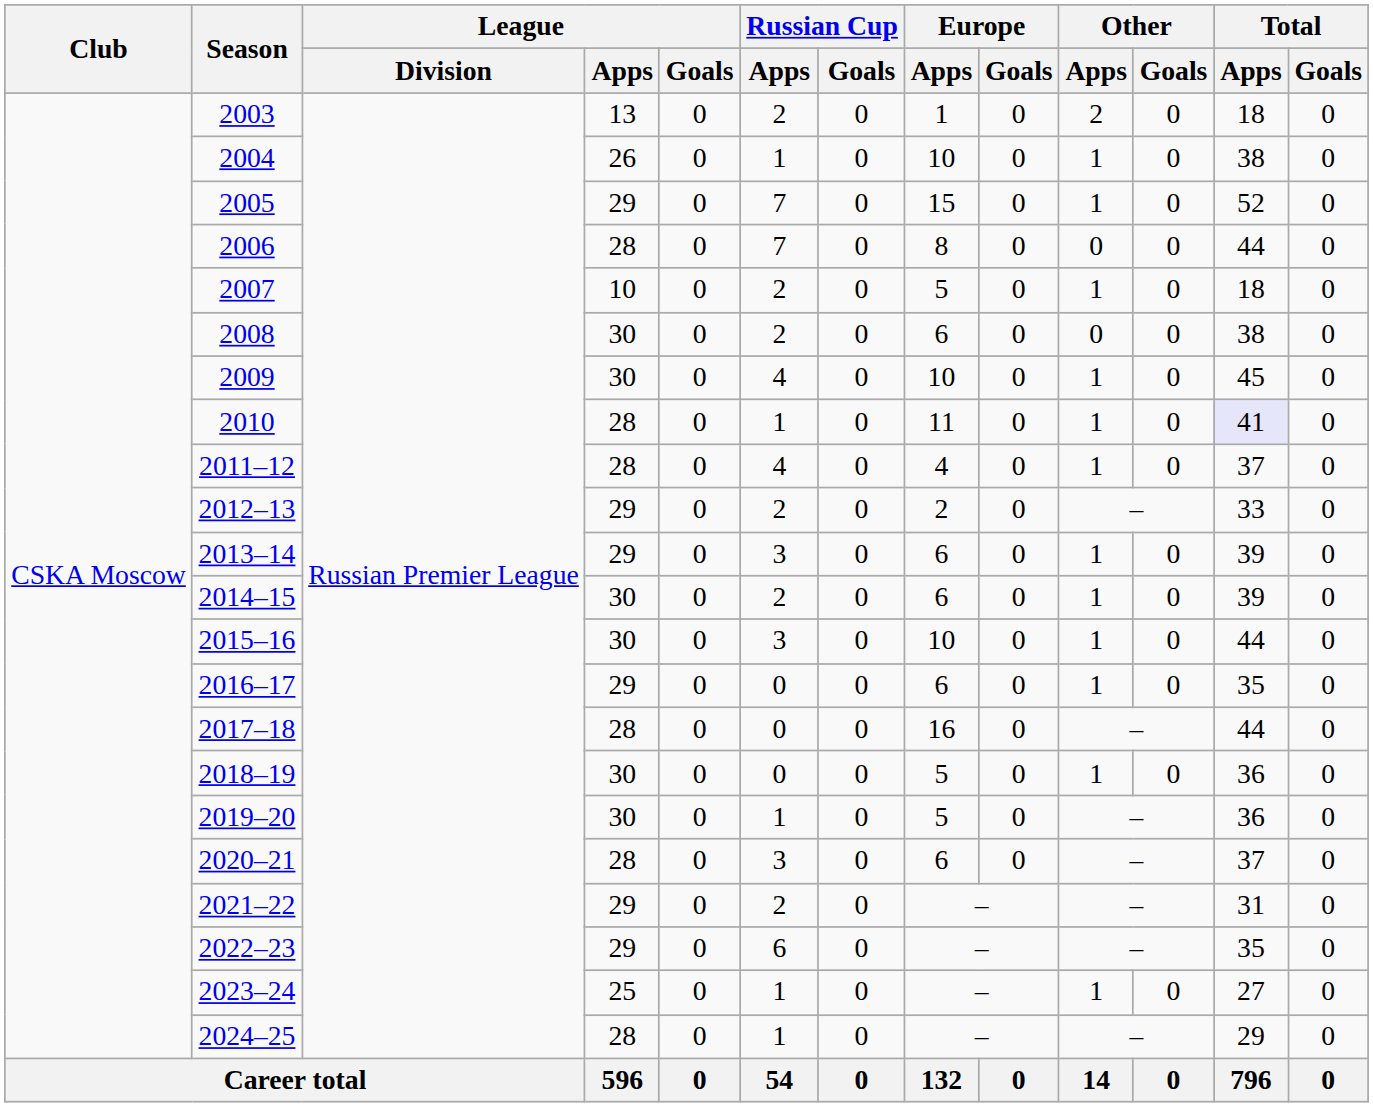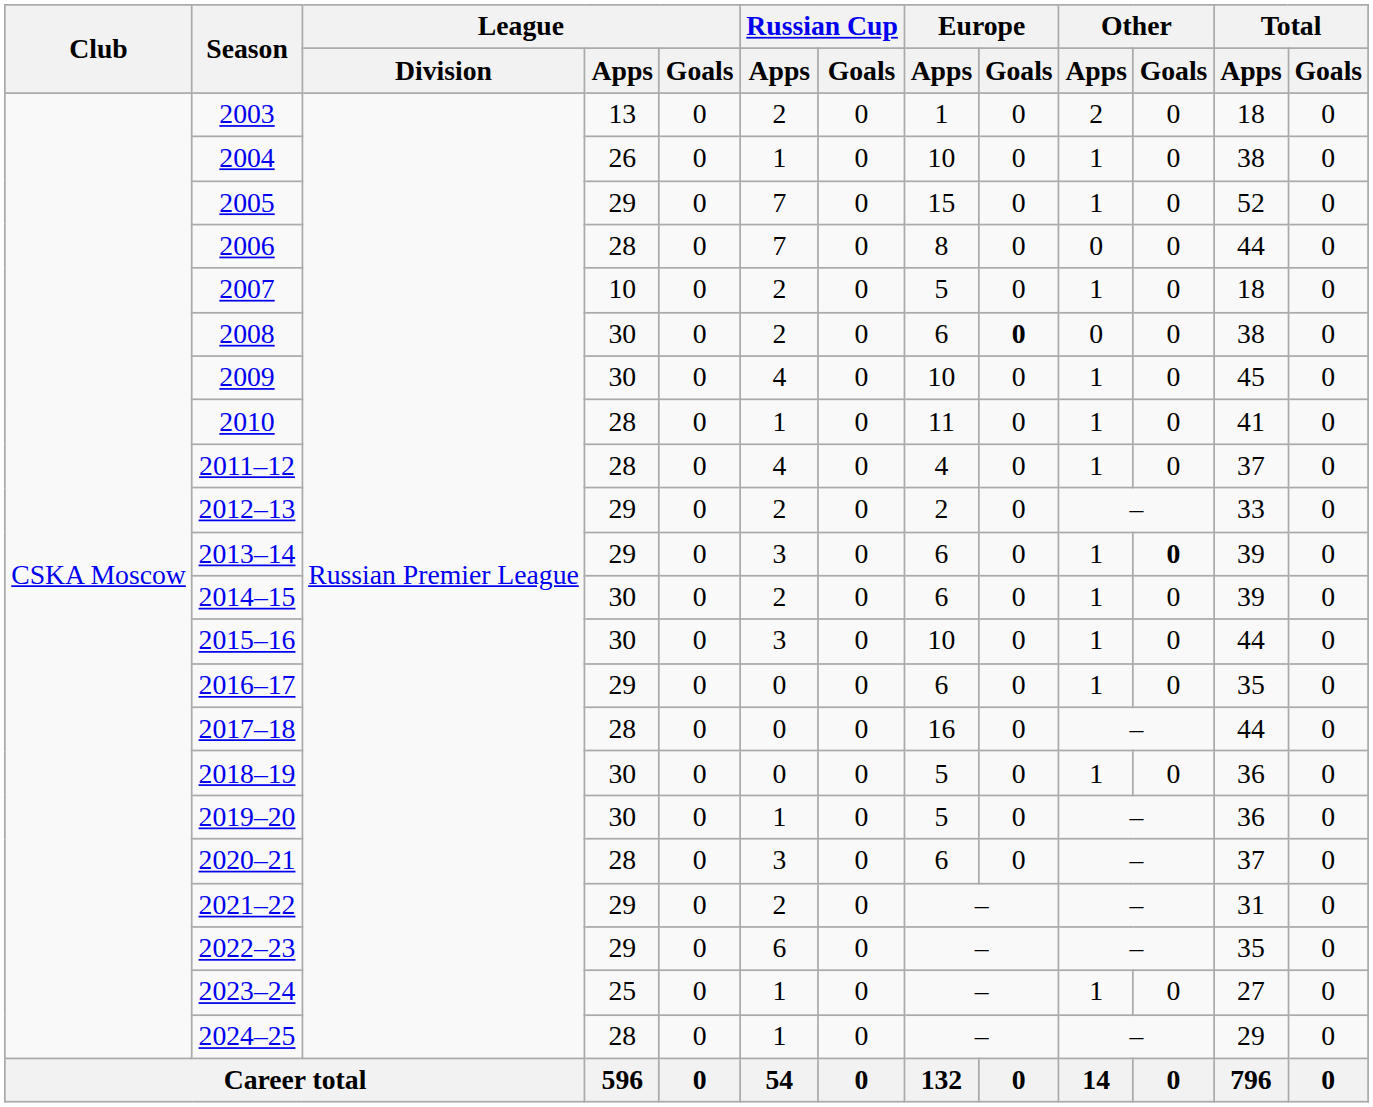 <table class="wikitable" style="text-align: center;">
 <tr>
 <th rowspan="2">Club</th>
 <th rowspan="2">Season</th>
 <th colspan="3">League</th>
 <th colspan="2"><a href='#'>Russian Cup</a></th>
 <th colspan="2">Europe</th>
 <th colspan="2">Other</th>
 <th colspan="2">Total</th>
 </tr>
 <tr>
 <th>Division</th>
 <th>Apps</th>
 <th>Goals</th>
 <th>Apps</th>
 <th>Goals</th>
 <th>Apps</th>
 <th>Goals</th>
 <th>Apps</th>
 <th>Goals</th>
 <th>Apps</th>
 <th>Goals</th>
 </tr>
 <tr>
 <td rowspan="22" valign="centre"><a href='#'>CSKA Moscow</a></td>
 <td><a href='#'>2003</a></td>
 <td rowspan="22" valign="centre"><a href='#'>Russian Premier League</a></td>
 <td>13</td>
 <td>0</td>
 <td>2</td>
 <td>0</td>
 <td>1</td>
 <td>0</td>
 <td>2</td>
 <td>0</td>
 <td>18</td>
 <td>0</td>
 </tr>
 <tr>
 <td><a href='#'>2004</a></td>
 <td>26</td>
 <td>0</td>
 <td>1</td>
 <td>0</td>
 <td>10</td>
 <td>0</td>
 <td>1</td>
 <td>0</td>
 <td>38</td>
 <td>0</td>
 </tr>
 <tr>
 <td><a href='#'>2005</a></td>
 <td>29</td>
 <td>0</td>
 <td>7</td>
 <td>0</td>
 <td>15</td>
 <td>0</td>
 <td>1</td>
 <td>0</td>
 <td>52</td>
 <td>0</td>
 </tr>
 <tr>
 <td><a href='#'>2006</a></td>
 <td>28</td>
 <td>0</td>
 <td>7</td>
 <td>0</td>
 <td>8</td>
 <td>0</td>
 <td>0</td>
 <td>0</td>
 <td>44</td>
 <td>0</td>
 </tr>
 <tr>
 <td><a href='#'>2007</a></td>
 <td>10</td>
 <td>0</td>
 <td>2</td>
 <td>0</td>
 <td>5</td>
 <td>0</td>
 <td>1</td>
 <td>0</td>
 <td>18</td>
 <td>0</td>
 </tr>
 <tr>
 <td><a href='#'>2008</a></td>
 <td>30</td>
 <td>0</td>
 <td>2</td>
 <td>0</td>
 <td>6</td>
-<td>0</td>
+<td><strong>0</strong></td>
 <td>0</td>
 <td>0</td>
 <td>38</td>
 <td>0</td>
 </tr>
 <tr>
 <td><a href='#'>2009</a></td>
 <td>30</td>
 <td>0</td>
 <td>4</td>
 <td>0</td>
 <td>10</td>
 <td>0</td>
 <td>1</td>
 <td>0</td>
 <td>45</td>
 <td>0</td>
 </tr>
 <tr>
 <td><a href='#'>2010</a></td>
 <td>28</td>
 <td>0</td>
 <td>1</td>
 <td>0</td>
 <td>11</td>
 <td>0</td>
 <td>1</td>
 <td>0</td>
-<td style="background: lavender;">41</td>
+<td>41</td>
 <td>0</td>
 </tr>
 <tr>
 <td><a href='#'>2011–12</a></td>
 <td>28</td>
 <td>0</td>
 <td>4</td>
 <td>0</td>
 <td>4</td>
 <td>0</td>
 <td>1</td>
 <td>0</td>
 <td>37</td>
 <td>0</td>
 </tr>
 <tr>
 <td><a href='#'>2012–13</a></td>
 <td>29</td>
 <td>0</td>
 <td>2</td>
 <td>0</td>
 <td>2</td>
 <td>0</td>
 <td colspan="2">–</td>
 <td>33</td>
 <td>0</td>
 </tr>
 <tr>
 <td><a href='#'>2013–14</a></td>
 <td>29</td>
 <td>0</td>
 <td>3</td>
 <td>0</td>
 <td>6</td>
 <td>0</td>
 <td>1</td>
-<td>0</td>
+<td><strong>0</strong></td>
 <td>39</td>
 <td>0</td>
 </tr>
 <tr>
 <td><a href='#'>2014–15</a></td>
 <td>30</td>
 <td>0</td>
 <td>2</td>
 <td>0</td>
 <td>6</td>
 <td>0</td>
 <td>1</td>
 <td>0</td>
 <td>39</td>
 <td>0</td>
 </tr>
 <tr>
 <td><a href='#'>2015–16</a></td>
 <td>30</td>
 <td>0</td>
 <td>3</td>
 <td>0</td>
 <td>10</td>
 <td>0</td>
 <td>1</td>
 <td>0</td>
 <td>44</td>
 <td>0</td>
 </tr>
 <tr>
 <td><a href='#'>2016–17</a></td>
 <td>29</td>
 <td>0</td>
 <td>0</td>
 <td>0</td>
 <td>6</td>
 <td>0</td>
 <td>1</td>
 <td>0</td>
 <td>35</td>
 <td>0</td>
 </tr>
 <tr>
 <td><a href='#'>2017–18</a></td>
 <td>28</td>
 <td>0</td>
 <td>0</td>
 <td>0</td>
 <td>16</td>
 <td>0</td>
 <td colspan="2">–</td>
 <td>44</td>
 <td>0</td>
 </tr>
 <tr>
 <td><a href='#'>2018–19</a></td>
 <td>30</td>
 <td>0</td>
 <td>0</td>
 <td>0</td>
 <td>5</td>
 <td>0</td>
 <td>1</td>
 <td>0</td>
 <td>36</td>
 <td>0</td>
 </tr>
 <tr>
 <td><a href='#'>2019–20</a></td>
 <td>30</td>
 <td>0</td>
 <td>1</td>
 <td>0</td>
 <td>5</td>
 <td>0</td>
 <td colspan="2">–</td>
 <td>36</td>
 <td>0</td>
 </tr>
 <tr>
 <td><a href='#'>2020–21</a></td>
 <td>28</td>
 <td>0</td>
 <td>3</td>
 <td>0</td>
 <td>6</td>
 <td>0</td>
 <td colspan="2">–</td>
 <td>37</td>
 <td>0</td>
 </tr>
 <tr>
 <td><a href='#'>2021–22</a></td>
 <td>29</td>
 <td>0</td>
 <td>2</td>
 <td>0</td>
 <td colspan="2">–</td>
 <td colspan="2">–</td>
 <td>31</td>
 <td>0</td>
 </tr>
 <tr>
 <td><a href='#'>2022–23</a></td>
 <td>29</td>
 <td>0</td>
 <td>6</td>
 <td>0</td>
 <td colspan="2">–</td>
 <td colspan="2">–</td>
 <td>35</td>
 <td>0</td>
 </tr>
 <tr>
 <td><a href='#'>2023–24</a></td>
 <td>25</td>
 <td>0</td>
 <td>1</td>
 <td>0</td>
 <td colspan="2">–</td>
 <td>1</td>
 <td>0</td>
 <td>27</td>
 <td>0</td>
 </tr>
 <tr>
 <td><a href='#'>2024–25</a></td>
 <td>28</td>
 <td>0</td>
 <td>1</td>
 <td>0</td>
 <td colspan="2">–</td>
 <td colspan="2">–</td>
 <td>29</td>
 <td>0</td>
 </tr>
 <tr>
 <th colspan="3">Career total</th>
 <th>596</th>
 <th>0</th>
 <th>54</th>
 <th>0</th>
 <th>132</th>
 <th>0</th>
 <th>14</th>
 <th>0</th>
 <th>796</th>
 <th>0</th>
 </tr>
 </table>
